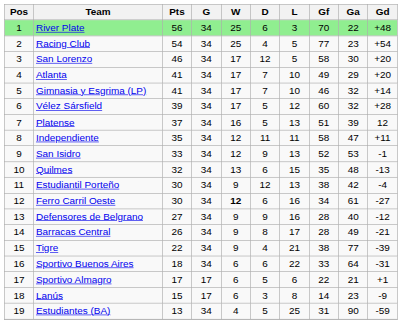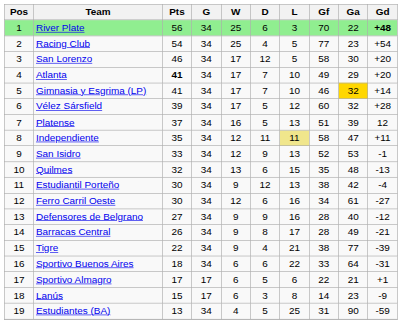 <table class="wikitable" style="text-align:center">
 <tr>
 <th width=40px>Pos</th>
 <th width=200px>Team</th>
 <th width=40px>Pts</th>
 <th width=40px>G</th>
 <th width=40px>W</th>
 <th width=40px>D</th>
 <th width=40px>L</th>
 <th width=40px>Gf</th>
 <th width=40px>Ga</th>
 <th width=40px>Gd</th>
 </tr>
 <tr bgcolor="lightgreen">
 <td>1</td>
 <td align="left"><a href='#'>River Plate</a></td>
 <td>56</td>
 <td>34</td>
 <td>25</td>
 <td>6</td>
 <td>3</td>
 <td>70</td>
 <td>22</td>
-<td>+48</td>
+<td><strong>+48</strong></td>
 </tr>
 <tr>
 <td>2</td>
 <td align="left"><a href='#'>Racing Club</a></td>
 <td>54</td>
 <td>34</td>
 <td>25</td>
 <td>4</td>
 <td>5</td>
 <td>77</td>
 <td>23</td>
 <td>+54</td>
 </tr>
 <tr>
 <td>3</td>
 <td align="left"><a href='#'>San Lorenzo</a></td>
 <td>46</td>
 <td>34</td>
 <td>17</td>
 <td>12</td>
 <td>5</td>
 <td>58</td>
 <td>30</td>
 <td>+20</td>
 </tr>
 <tr>
 <td>4</td>
 <td align="left"><a href='#'>Atlanta</a></td>
-<td>41</td>
+<td><strong>41</strong></td>
 <td>34</td>
 <td>17</td>
 <td>7</td>
 <td>10</td>
 <td>49</td>
 <td>29</td>
 <td>+20</td>
 </tr>
 <tr>
 <td>5</td>
 <td align="left"><a href='#'>Gimnasia y Esgrima (LP)</a></td>
 <td>41</td>
 <td>34</td>
 <td>17</td>
 <td>7</td>
 <td>10</td>
 <td>46</td>
-<td>32</td>
+<td style="background: gold;">32</td>
 <td>+14</td>
 </tr>
 <tr>
 <td>6</td>
 <td align="left"><a href='#'>Vélez Sársfield</a></td>
 <td>39</td>
 <td>34</td>
 <td>17</td>
 <td>5</td>
 <td>12</td>
 <td>60</td>
 <td>32</td>
 <td>+28</td>
 </tr>
 <tr>
 <td>7</td>
 <td align="left"><a href='#'>Platense</a></td>
 <td>37</td>
 <td>34</td>
 <td>16</td>
 <td>5</td>
 <td>13</td>
 <td>51</td>
 <td>39</td>
 <td>12</td>
 </tr>
 <tr>
 <td>8</td>
 <td align="left"><a href='#'>Independiente</a></td>
 <td>35</td>
 <td>34</td>
 <td>12</td>
 <td>11</td>
-<td>11</td>
+<td style="background: khaki;">11</td>
 <td>58</td>
 <td>47</td>
 <td>+11</td>
 </tr>
 <tr>
 <td>9</td>
 <td align="left"><a href='#'>San Isidro</a></td>
 <td>33</td>
 <td>34</td>
 <td>12</td>
 <td>9</td>
 <td>13</td>
 <td>52</td>
 <td>53</td>
 <td>-1</td>
 </tr>
 <tr>
 <td>10</td>
 <td align="left"><a href='#'>Quilmes</a></td>
 <td>32</td>
 <td>34</td>
 <td>13</td>
 <td>6</td>
 <td>15</td>
 <td>35</td>
 <td>48</td>
 <td>-13</td>
 </tr>
 <tr>
 <td>11</td>
 <td align="left"><a href='#'>Estudiantil Porteño</a></td>
 <td>30</td>
 <td>34</td>
 <td>9</td>
 <td>12</td>
 <td>13</td>
 <td>38</td>
 <td>42</td>
 <td>-4</td>
 </tr>
 <tr>
 <td>12</td>
 <td align="left"><a href='#'>Ferro Carril Oeste</a></td>
 <td>30</td>
 <td>34</td>
-<td><strong>12</strong></td>
+<td>12</td>
 <td>6</td>
 <td>16</td>
 <td>34</td>
 <td>61</td>
 <td>-27</td>
 </tr>
 <tr>
 <td>13</td>
 <td align="left"><a href='#'>Defensores de Belgrano</a></td>
 <td>27</td>
 <td>34</td>
 <td>9</td>
 <td>9</td>
 <td>16</td>
 <td>28</td>
 <td>40</td>
 <td>-12</td>
 </tr>
 <tr>
 <td>14</td>
 <td align="left"><a href='#'>Barracas Central</a></td>
 <td>26</td>
 <td>34</td>
 <td>9</td>
 <td>8</td>
 <td>17</td>
 <td>28</td>
 <td>49</td>
 <td>-21</td>
 </tr>
 <tr>
 <td>15</td>
 <td align="left"><a href='#'>Tigre</a></td>
 <td>22</td>
 <td>34</td>
 <td>9</td>
 <td>4</td>
 <td>21</td>
 <td>38</td>
 <td>77</td>
 <td>-39</td>
 </tr>
 <tr>
 <td>16</td>
 <td align="left"><a href='#'>Sportivo Buenos Aires</a></td>
 <td>18</td>
 <td>34</td>
 <td>6</td>
 <td>6</td>
 <td>22</td>
 <td>33</td>
 <td>64</td>
 <td>-31</td>
 </tr>
 <tr>
 <td>17</td>
 <td align="left"><a href='#'>Sportivo Almagro</a></td>
 <td>17</td>
 <td>17</td>
 <td>6</td>
 <td>5</td>
 <td>6</td>
 <td>22</td>
 <td>21</td>
 <td>+1</td>
 </tr>
 <tr>
 <td>18</td>
 <td align="left"><a href='#'>Lanús</a></td>
 <td>15</td>
 <td>17</td>
 <td>6</td>
 <td>3</td>
 <td>8</td>
 <td>14</td>
 <td>23</td>
 <td>-9</td>
 </tr>
 <tr>
 <td>19</td>
 <td align="left"><a href='#'>Estudiantes (BA)</a></td>
 <td>13</td>
 <td>34</td>
 <td>4</td>
 <td>5</td>
 <td>25</td>
 <td>31</td>
 <td>90</td>
 <td>-59</td>
 </tr>
 <tr>
 </tr>
 </table>
